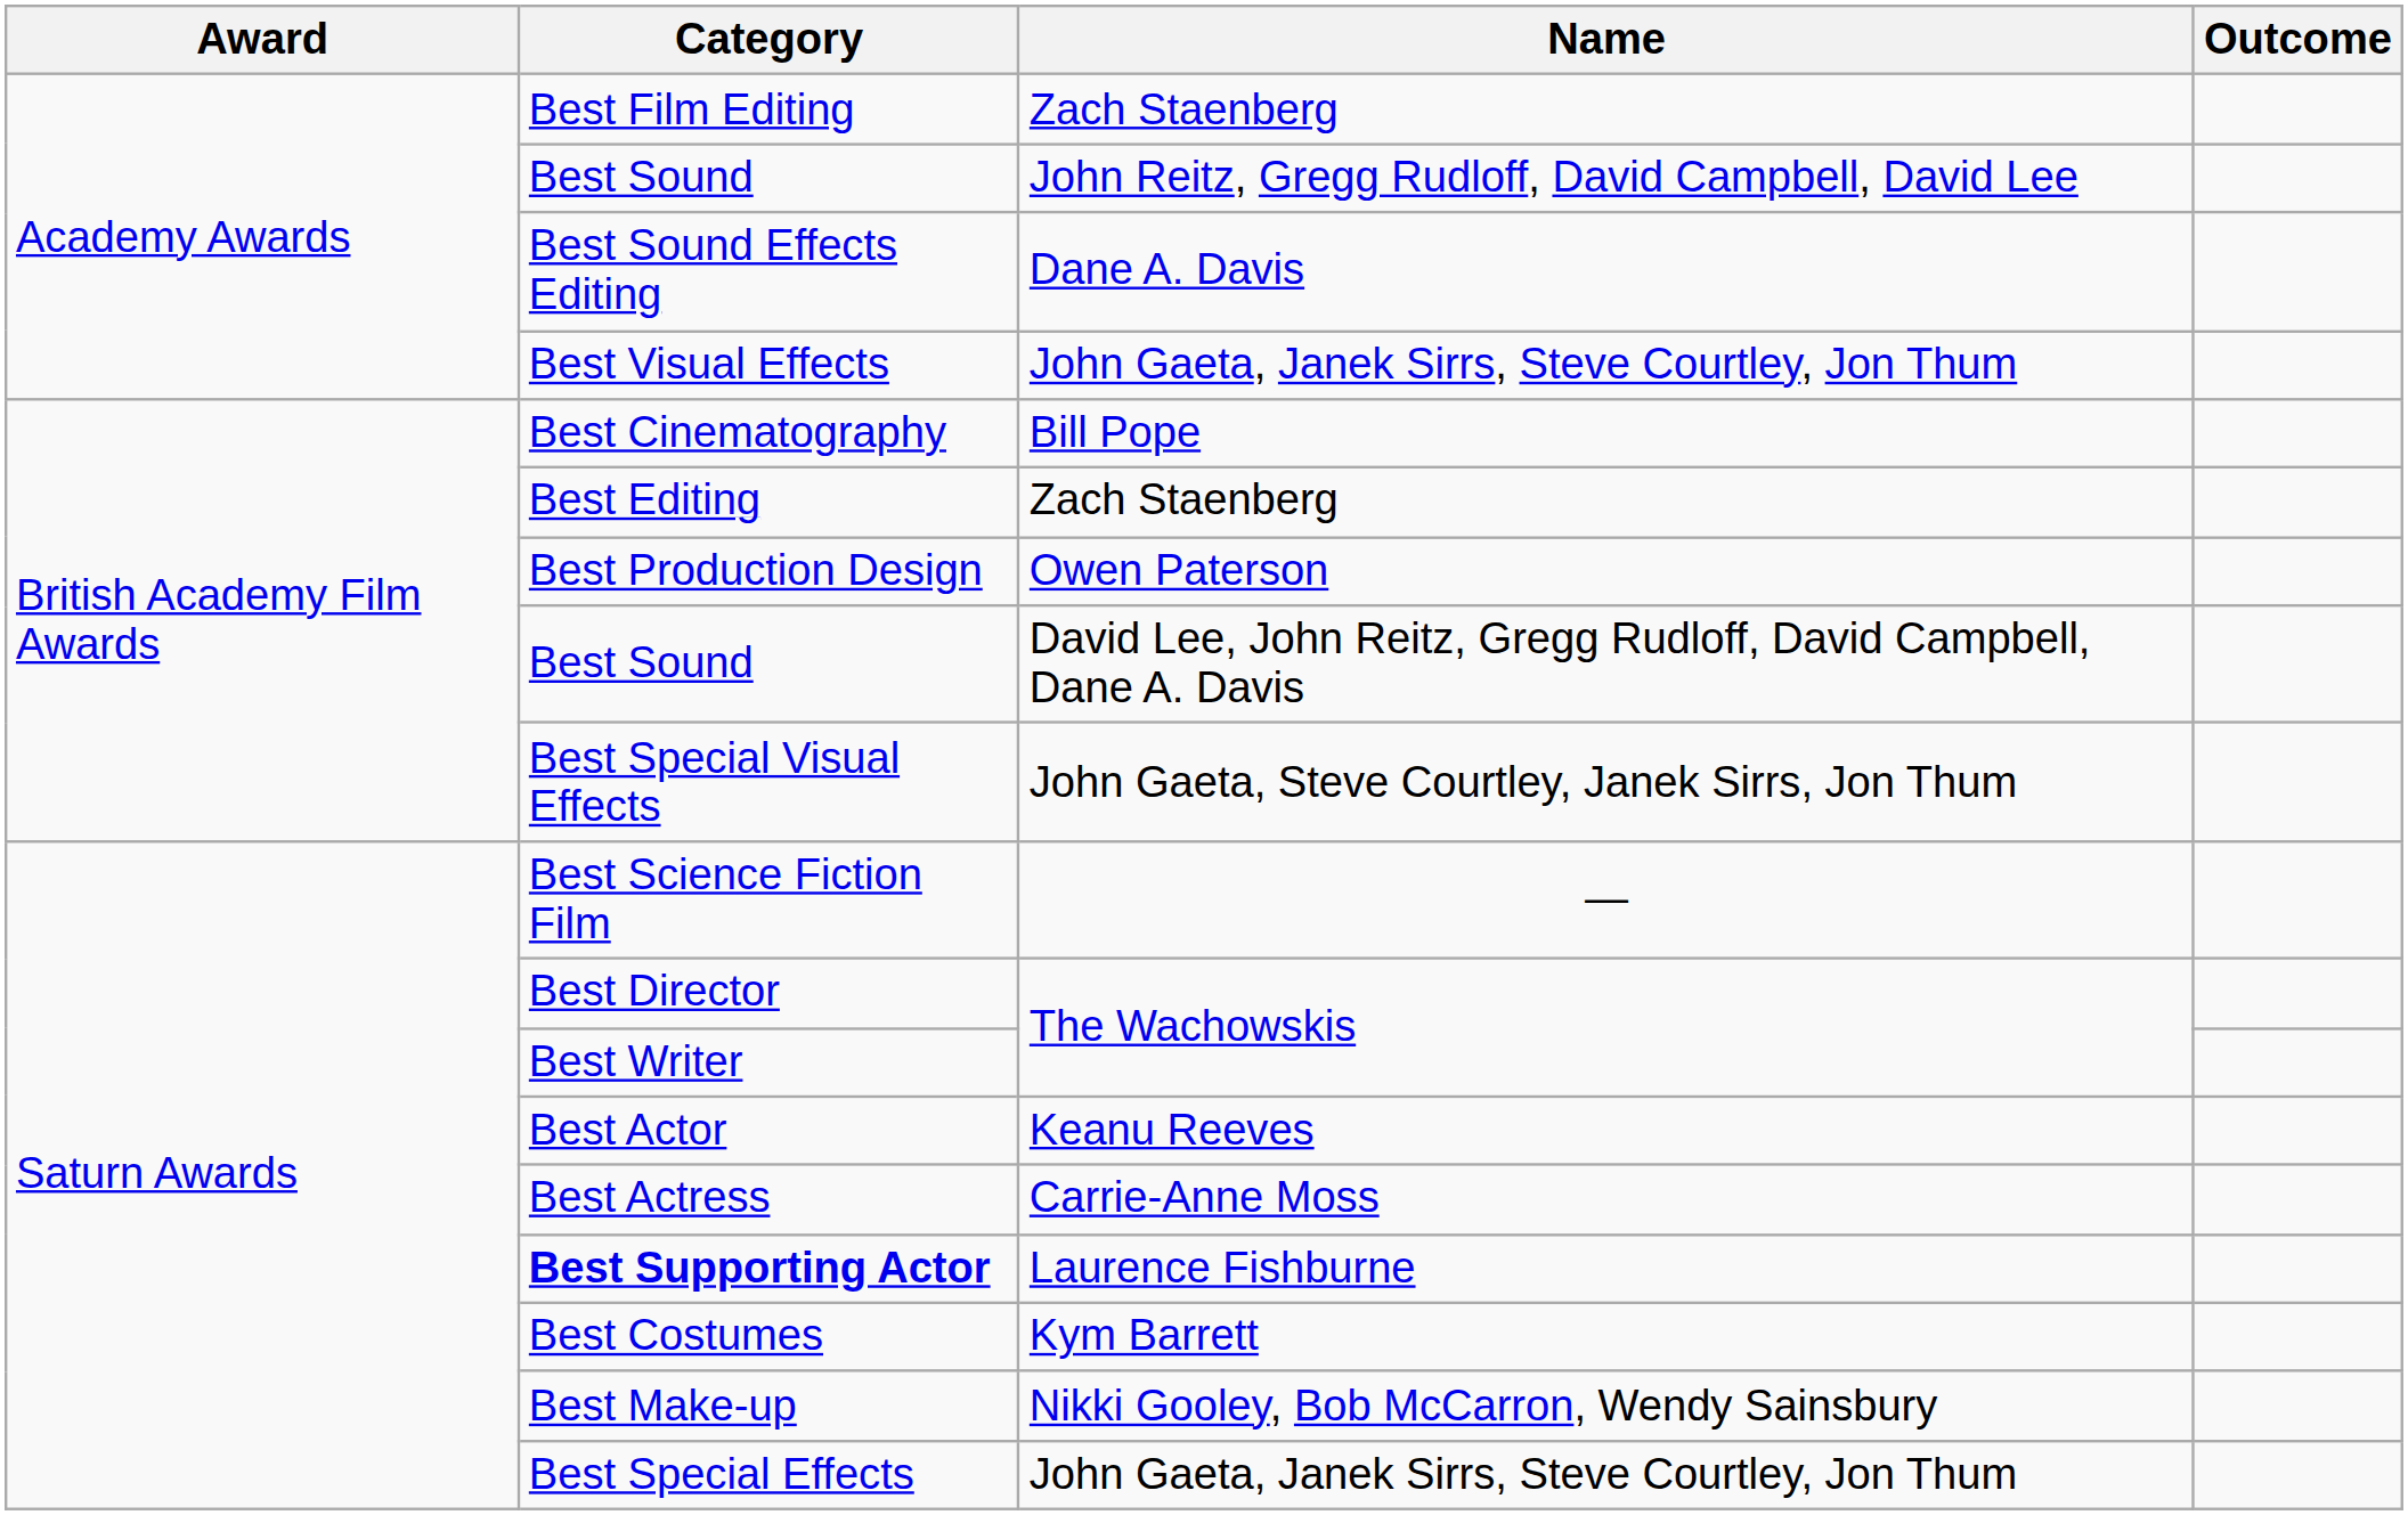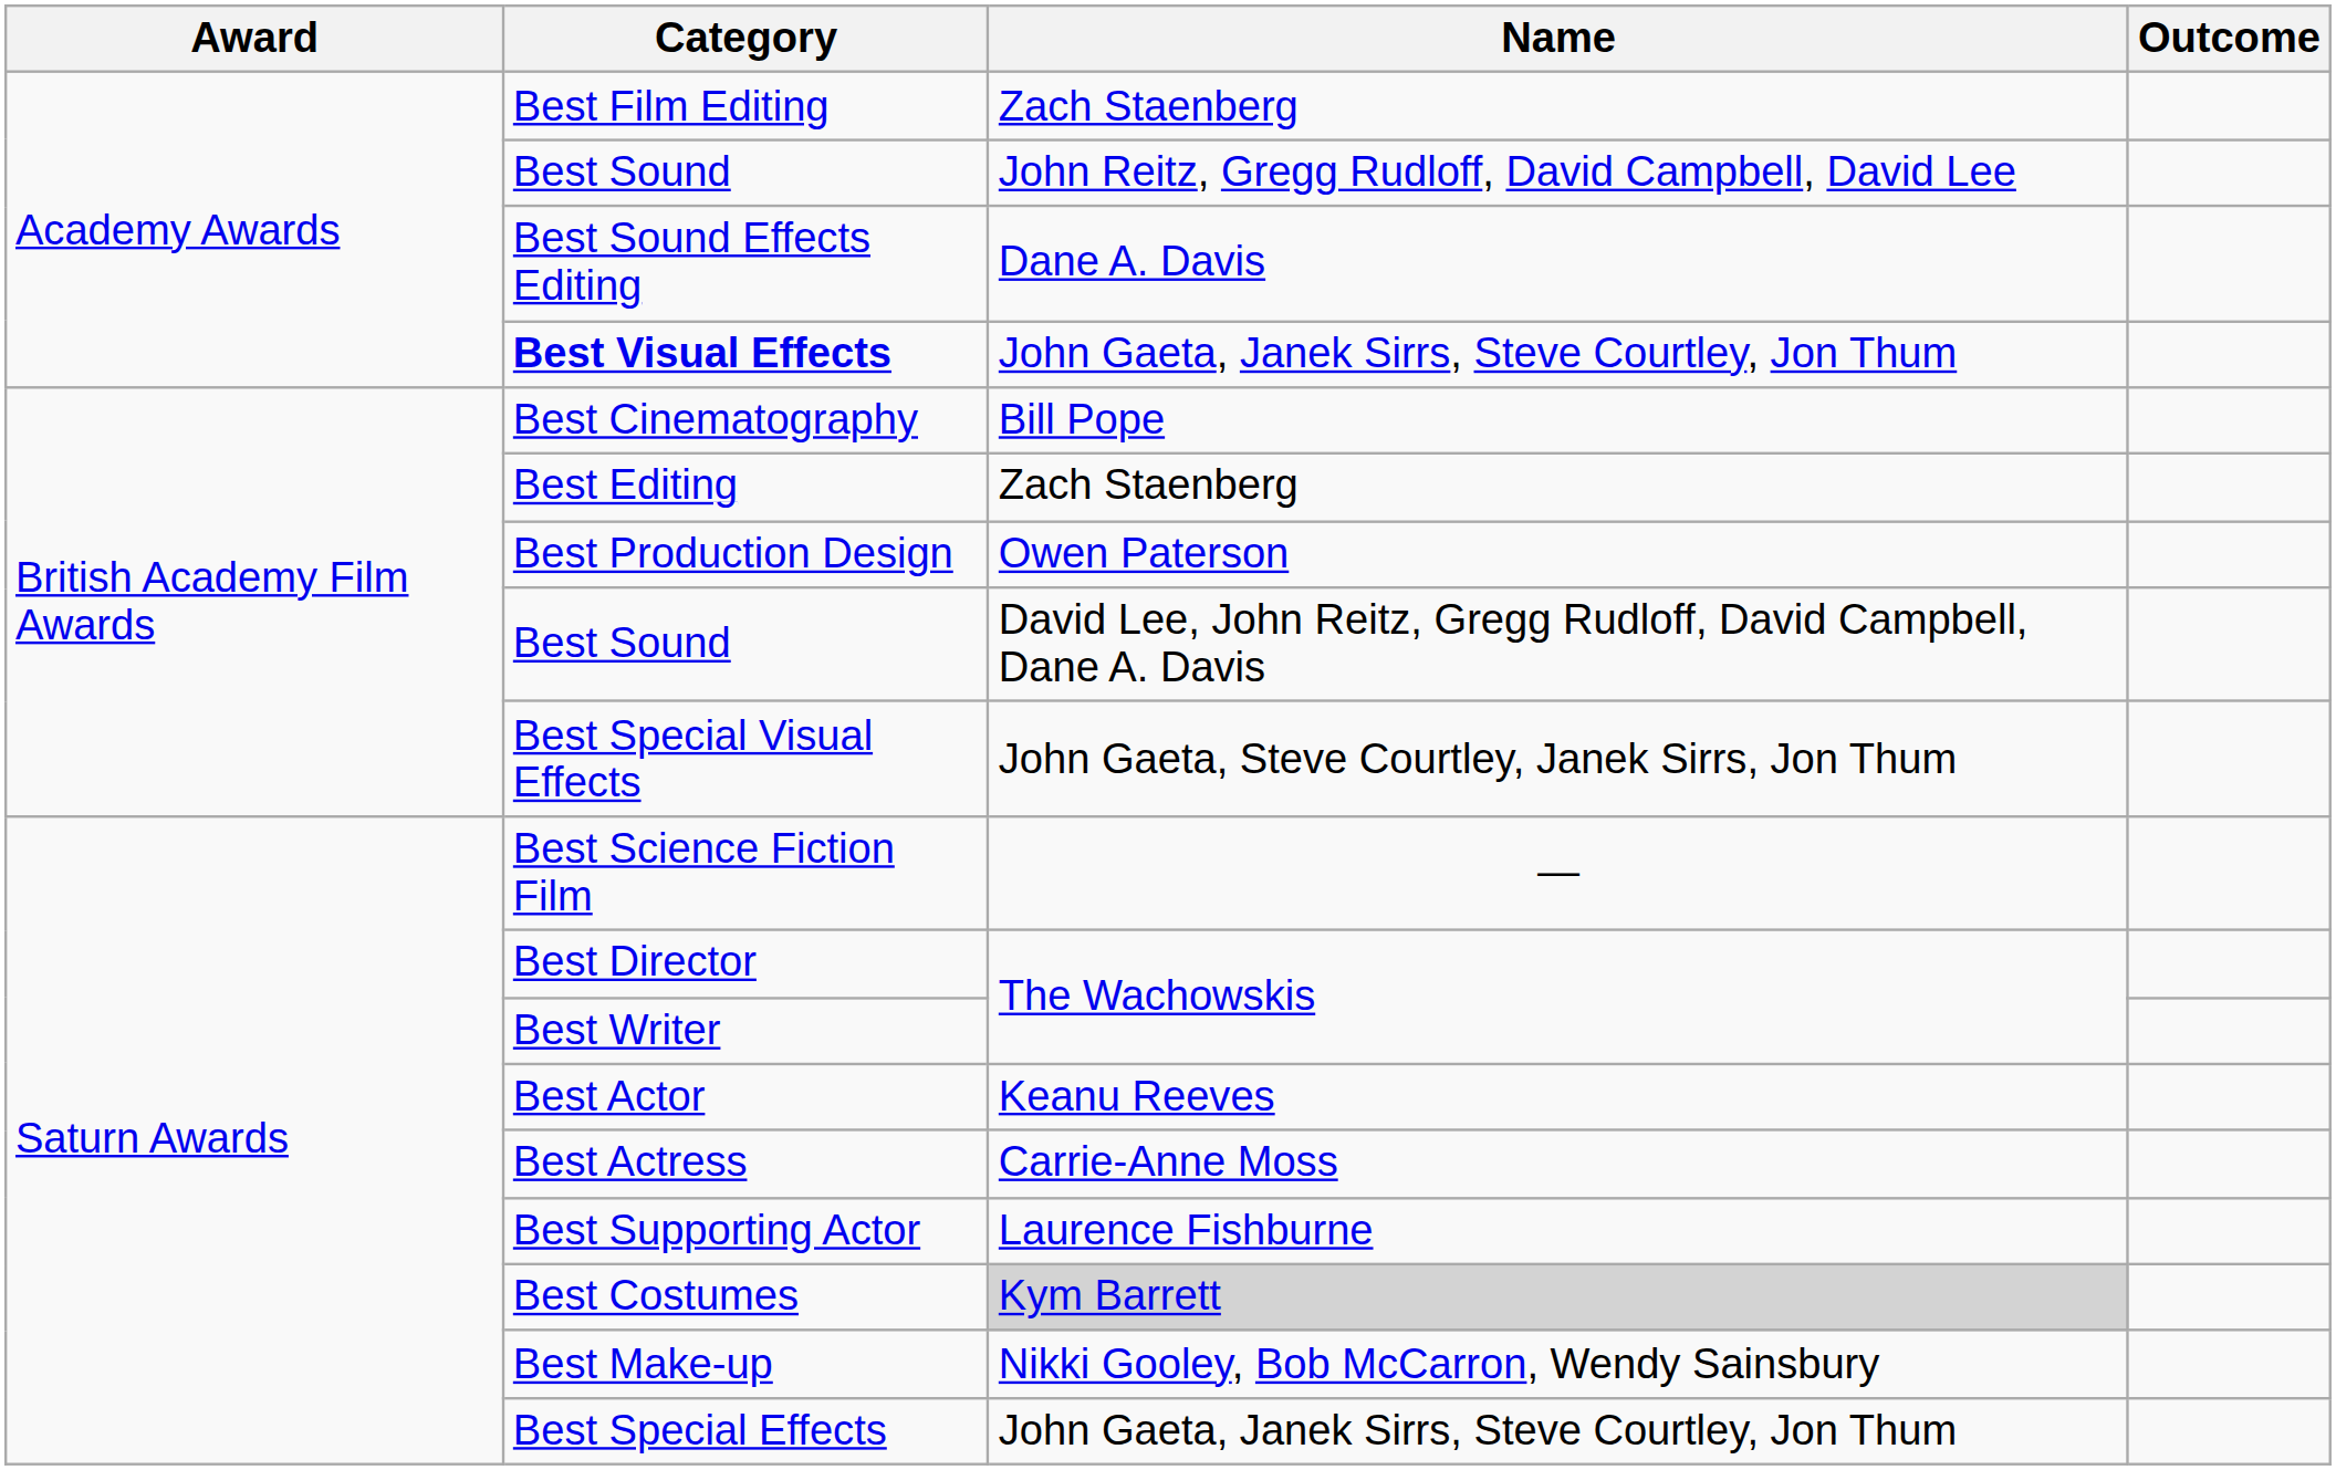 <table class="wikitable" style="margin:auto;">
 <tr>
 <th>Award</th>
 <th>Category</th>
 <th>Name</th>
 <th>Outcome</th>
 </tr>
 <tr>
 <td rowspan="4"><a href='#'>Academy Awards</a></td>
 <td><a href='#'>Best Film Editing</a></td>
 <td><a href='#'>Zach Staenberg</a></td>
 <td></td>
 </tr>
 <tr>
 <td><a href='#'>Best Sound</a></td>
 <td><a href='#'>John Reitz</a>, <a href='#'>Gregg Rudloff</a>, <a href='#'>David Campbell</a>, <a href='#'>David Lee</a></td>
 <td></td>
 </tr>
 <tr>
 <td><a href='#'>Best Sound Effects Editing</a></td>
 <td><a href='#'>Dane A. Davis</a></td>
 <td></td>
 </tr>
 <tr>
-<td><a href='#'>Best Visual Effects</a></td>
+<td><strong><a href='#'>Best Visual Effects</a></strong></td>
 <td><a href='#'>John Gaeta</a>, <a href='#'>Janek Sirrs</a>, <a href='#'>Steve Courtley</a>, <a href='#'>Jon Thum</a></td>
 <td></td>
 </tr>
 <tr>
 <td rowspan="5"><a href='#'>British Academy Film Awards</a></td>
 <td><a href='#'>Best Cinematography</a></td>
 <td><a href='#'>Bill Pope</a></td>
 <td></td>
 </tr>
 <tr>
 <td><a href='#'>Best Editing</a></td>
 <td>Zach Staenberg</td>
 <td></td>
 </tr>
 <tr>
 <td><a href='#'>Best Production Design</a></td>
 <td><a href='#'>Owen Paterson</a></td>
 <td></td>
 </tr>
 <tr>
 <td><a href='#'>Best Sound</a></td>
 <td>David Lee, John Reitz, Gregg Rudloff, David Campbell, Dane A. Davis</td>
 <td></td>
 </tr>
 <tr>
 <td><a href='#'>Best Special Visual Effects</a></td>
 <td>John Gaeta, Steve Courtley, Janek Sirrs, Jon Thum</td>
 <td></td>
 </tr>
 <tr>
 <td rowspan=9><a href='#'>Saturn Awards</a></td>
 <td><a href='#'>Best Science Fiction Film</a></td>
 <td style="text-align:center;">—</td>
 <td></td>
 </tr>
 <tr>
 <td><a href='#'>Best Director</a></td>
 <td rowspan=2><a href='#'>The Wachowskis</a></td>
 <td></td>
 </tr>
 <tr>
 <td><a href='#'>Best Writer</a></td>
 <td></td>
 </tr>
 <tr>
 <td><a href='#'>Best Actor</a></td>
 <td><a href='#'>Keanu Reeves</a></td>
 <td></td>
 </tr>
 <tr>
 <td><a href='#'>Best Actress</a></td>
 <td><a href='#'>Carrie-Anne Moss</a></td>
 <td></td>
 </tr>
 <tr>
-<td><strong><a href='#'>Best Supporting Actor</a></strong></td>
+<td><a href='#'>Best Supporting Actor</a></td>
 <td><a href='#'>Laurence Fishburne</a></td>
 <td></td>
 </tr>
 <tr>
 <td><a href='#'>Best Costumes</a></td>
-<td><a href='#'>Kym Barrett</a></td>
+<td style="background: lightgrey;"><a href='#'>Kym Barrett</a></td>
 <td></td>
 </tr>
 <tr>
 <td><a href='#'>Best Make-up</a></td>
 <td><a href='#'>Nikki Gooley</a>, <a href='#'>Bob McCarron</a>, Wendy Sainsbury</td>
 <td></td>
 </tr>
 <tr>
 <td><a href='#'>Best Special Effects</a></td>
 <td>John Gaeta, Janek Sirrs, Steve Courtley, Jon Thum</td>
 <td></td>
 </tr>
 </table>
